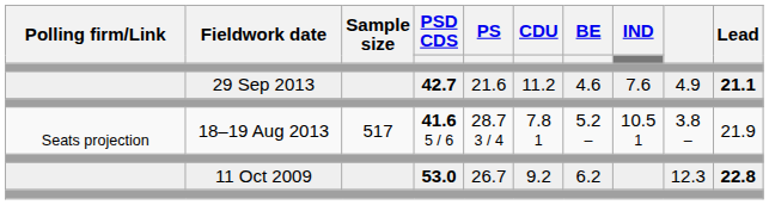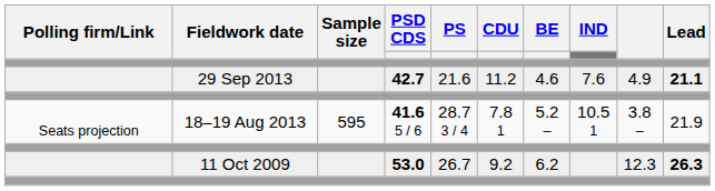 <table class="wikitable collapsible sortable" style="text-align:center; font-size:95%; line-height:16px;">
 <tr style="height:42px;">
 <th style="width:145px;" rowspan="2">Polling firm/Link</th>
 <th style="width:125px;" rowspan="2">Fieldwork date</th>
 <th class="unsortable" style="width:50px;" rowspan="2">Sample size</th>
 <th class="unsortable" style="width:35px;"><a href='#'>PSD</a><br><a href='#'>CDS</a></th>
 <th class="unsortable" style="width:35px;"><a href='#'>PS</a></th>
 <th class="unsortable" style="width:35px;"><a href='#'>CDU</a></th>
 <th class="unsortable" style="width:35px;"><a href='#'>BE</a></th>
 <th class="unsortable" style="width:35px;"><a href='#'>IND</a></th>
 <th class="unsortable" style="width:35px;" rowspan="2"></th>
 <th class="unsortable" style="width:30px;" rowspan="2">Lead</th>
 </tr>
 <tr>
 <th class="unsortable" style="color:inherit;background:"></th>
 <th class="unsortable" style="color:inherit;background:"></th>
 <th class="unsortable" style="color:inherit;background:"></th>
 <th class="unsortable" style="color:inherit;background:"></th>
 <th class="unsortable" style="color:inherit;background:#777777;"></th>
 </tr>
 <tr>
 <td colspan="13" style="background:#A0A0A0"></td>
 </tr>
 <tr style="background:#EFEFEF;">
 <td><strong></strong></td>
 <td data-sort-value="2019-10-06">29 Sep 2013</td>
 <td></td>
 <td><strong>42.7</strong><br></td>
 <td>21.6<br></td>
 <td>11.2<br></td>
 <td>4.6<br></td>
 <td>7.6<br></td>
 <td>4.9<br></td>
 <td style="background:"><strong>21.1</strong></td>
 </tr>
 <tr>
 <td colspan="13" style="background:#A0A0A0"></td>
 </tr>
 <tr>
 <td align="center"><br><small>Seats projection</small></td>
 <td align="center">18–19 Aug 2013</td>
-<td>517</td>
+<td>595</td>
 <td align="center" ><strong>41.6</strong><br><small>5 / 6 </small></td>
 <td align="center">28.7<br><small>3 / 4 </small></td>
 <td align="center">7.8<br><small> 1</small></td>
 <td align="center">5.2<br><small> – </small></td>
 <td align="center">10.5<br><small> 1 </small></td>
 <td align="center">3.8<br><small> – </small></td>
 <td style="background:">21.9</td>
 </tr>
 <tr>
 <td colspan="13" style="background:#A0A0A0"></td>
 </tr>
 <tr style="background:#EFEFEF;">
 <td><strong></strong></td>
 <td data-sort-value="2019-10-06">11 Oct 2009</td>
 <td></td>
 <td><strong>53.0</strong><br></td>
 <td>26.7<br></td>
 <td>9.2<br></td>
 <td>6.2<br></td>
 <td></td>
 <td>12.3<br></td>
-<td style="background:"><strong>22.8</strong></td>
+<td style="background:"><strong>26.3</strong></td>
 </tr>
 <tr>
 <td colspan="13" style="background:#A0A0A0"></td>
 </tr>
 </table>
